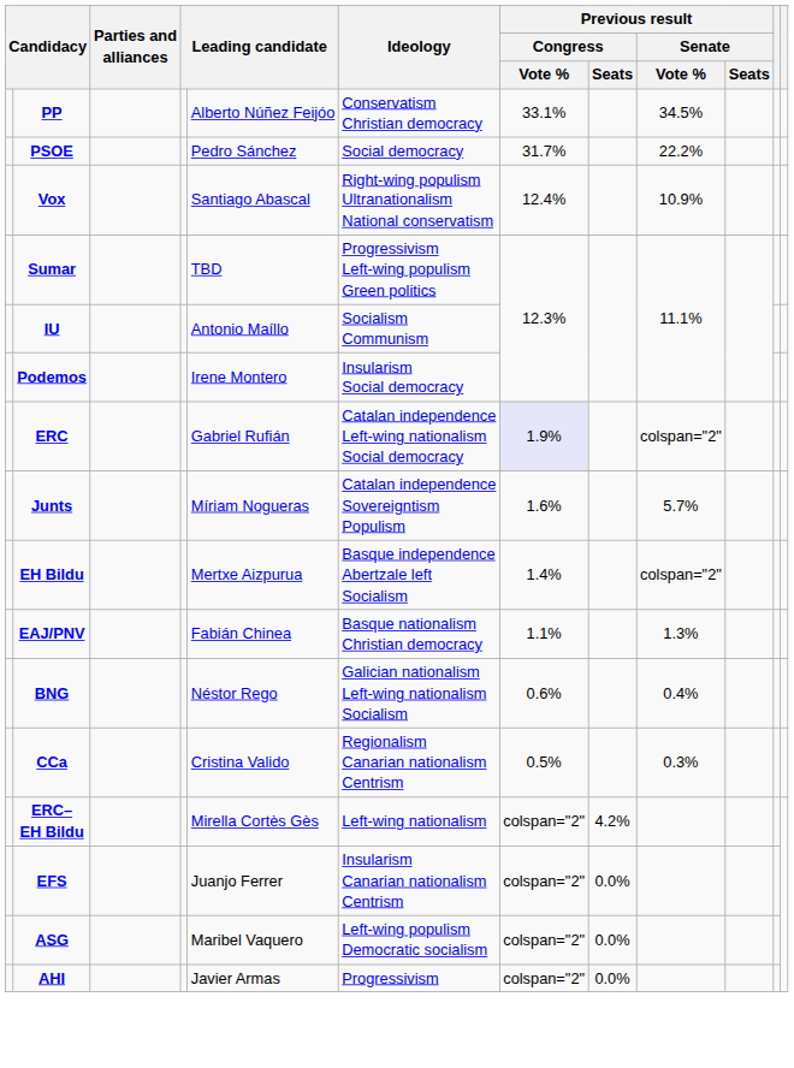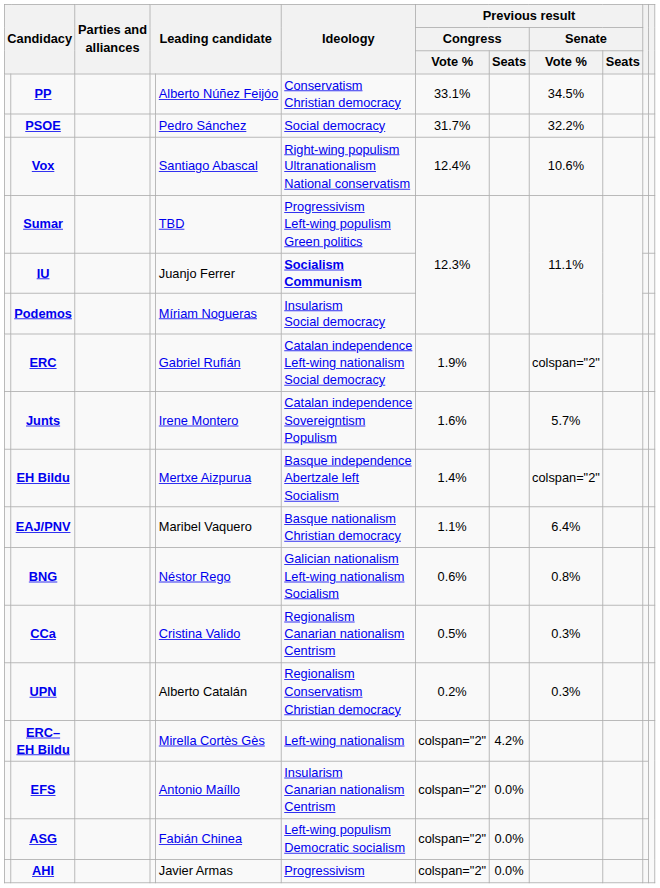 <table class="wikitable" style="line-height:1.35em; text-align:left;">
 <tr>
 <th colspan="2" rowspan="3">Candidacy</th>
 <th rowspan="3">Parties and<br>alliances</th>
 <th colspan="2" rowspan="3">Leading candidate</th>
 <th rowspan="3">Ideology</th>
 <th colspan="4">Previous result</th>
 <th rowspan="3"></th>
 <th rowspan="3"></th>
 </tr>
 <tr>
 <th colspan="2">Congress</th>
 <th colspan="2">Senate</th>
 </tr>
 <tr>
 <th>Vote %</th>
 <th>Seats</th>
 <th>Vote %</th>
 <th>Seats</th>
 </tr>
 <tr>
 <td width="1" style="color:inherit;background:"></td>
 <td align="center"><strong><a href='#'>PP</a></strong></td>
 <td></td>
 <td></td>
 <td><a href='#'>Alberto Núñez Feijóo</a></td>
 <td><a href='#'>Conservatism</a><br><a href='#'>Christian democracy</a></td>
 <td align="center">33.1%</td>
 <td></td>
 <td align="center">34.5%</td>
 <td></td>
 <td></td>
 <td></td>
 </tr>
 <tr>
 <td style="color:inherit;background:"></td>
 <td align="center"><strong><a href='#'>PSOE</a></strong></td>
 <td></td>
 <td></td>
 <td><a href='#'>Pedro Sánchez</a></td>
 <td><a href='#'>Social democracy</a></td>
 <td align="center">31.7%</td>
 <td></td>
-<td align="center">22.2%</td>
+<td align="center">32.2%</td>
 <td></td>
 <td></td>
 <td></td>
 </tr>
 <tr>
 <td style="color:inherit;background:"></td>
 <td align="center"><strong><a href='#'>Vox</a></strong></td>
 <td></td>
 <td></td>
 <td><a href='#'>Santiago Abascal</a></td>
 <td><a href='#'>Right-wing populism</a><br><a href='#'>Ultranationalism</a><br><a href='#'>National conservatism</a></td>
 <td align="center">12.4%</td>
 <td></td>
-<td align="center">10.9%</td>
+<td align="center">10.6%</td>
 <td></td>
 <td></td>
 <td></td>
 </tr>
 <tr>
 <td style="color:inherit;background:"></td>
 <td align="center"><strong><a href='#'>Sumar</a></strong></td>
 <td></td>
 <td></td>
 <td><a href='#'>TBD</a></td>
 <td><a href='#'>Progressivism</a><br><a href='#'>Left-wing populism</a><br><a href='#'>Green politics</a></td>
 <td rowspan="3" align="center">12.3%</td>
 <td rowspan="3"></td>
 <td rowspan="3" align="center">11.1%</td>
 <td rowspan="3"></td>
 <td></td>
 <td></td>
 </tr>
 <tr>
 <td style="color:inherit;background:"></td>
 <td align="center"><strong><a href='#'>IU</a></strong></td>
 <td></td>
 <td></td>
-<td><a href='#'>Antonio Maíllo</a></td>
-<td><a href='#'>Socialism</a><br><a href='#'>Communism</a></td>
+<td>Juanjo Ferrer</td>
+<td><strong><a href='#'>Socialism</a><br><a href='#'>Communism</a></strong></td>
 <td></td>
 <td></td>
 </tr>
 <tr>
 <td style="color:inherit;background:"></td>
 <td align="center"><strong><a href='#'>Podemos</a></strong></td>
 <td></td>
 <td></td>
-<td><a href='#'>Irene Montero</a></td>
+<td><a href='#'>Míriam Nogueras</a></td>
 <td><a href='#'>Insularism</a><br><a href='#'>Social democracy</a></td>
 <td></td>
 <td><br></td>
 </tr>
 <tr>
 <td style="color:inherit;background:"></td>
 <td align="center"><strong><a href='#'>ERC</a></strong></td>
 <td></td>
 <td></td>
 <td><a href='#'>Gabriel Rufián</a></td>
 <td><a href='#'>Catalan independence</a><br><a href='#'>Left-wing nationalism</a><br><a href='#'>Social democracy</a></td>
-<td align="center" style="background: lavender;">1.9%</td>
+<td align="center">1.9%</td>
 <td></td>
 <td>colspan="2" </td>
 <td></td>
 <td></td>
 </tr>
 <tr>
 <td style="color:inherit;background:"></td>
 <td align="center"><strong><a href='#'>Junts</a></strong></td>
 <td></td>
 <td></td>
-<td><a href='#'>Míriam Nogueras</a></td>
+<td><a href='#'>Irene Montero</a></td>
 <td><a href='#'>Catalan independence</a><br><a href='#'>Sovereigntism</a><br><a href='#'>Populism</a></td>
 <td align="center">1.6%</td>
 <td></td>
 <td align="center">5.7%</td>
 <td></td>
 <td></td>
 <td></td>
 </tr>
 <tr>
 <td style="color:inherit;background:"></td>
 <td align="center"><strong><a href='#'>EH Bildu</a></strong></td>
 <td></td>
 <td></td>
 <td><a href='#'>Mertxe Aizpurua</a></td>
 <td><a href='#'>Basque independence</a><br><a href='#'>Abertzale left</a><br><a href='#'>Socialism</a></td>
 <td align="center">1.4%</td>
 <td></td>
 <td>colspan="2" </td>
 <td></td>
 <td></td>
 </tr>
 <tr>
 <td style="color:inherit;background:"></td>
 <td align="center"><strong><a href='#'>EAJ/PNV</a></strong></td>
 <td></td>
 <td></td>
-<td><a href='#'>Fabián Chinea</a></td>
+<td>Maribel Vaquero</td>
 <td><a href='#'>Basque nationalism</a><br><a href='#'>Christian democracy</a></td>
 <td align="center">1.1%</td>
 <td></td>
-<td align="center">1.3%</td>
+<td align="center">6.4%</td>
 <td></td>
 <td></td>
 <td></td>
 </tr>
 <tr>
 <td style="color:inherit;background:"></td>
 <td align="center"><strong><a href='#'>BNG</a></strong></td>
 <td></td>
 <td></td>
 <td><a href='#'>Néstor Rego</a></td>
 <td><a href='#'>Galician nationalism</a><br><a href='#'>Left-wing nationalism</a><br><a href='#'>Socialism</a></td>
 <td align="center">0.6%</td>
 <td></td>
-<td align="center">0.4%</td>
+<td align="center">0.8%</td>
 <td></td>
 <td></td>
 <td></td>
 </tr>
 <tr>
 <td style="color:inherit;background:"></td>
 <td align="center"><strong><a href='#'>CCa</a></strong></td>
 <td></td>
 <td></td>
 <td><a href='#'>Cristina Valido</a></td>
 <td><a href='#'>Regionalism</a><br><a href='#'>Canarian nationalism</a><br><a href='#'>Centrism</a></td>
 <td align="center">0.5%</td>
+<td></td>
+<td align="center">0.3%</td>
+<td></td>
+<td></td>
+<td></td>
+</tr>
+<tr>
+<td style="color:inherit;background:"></td>
+<td align="center"><strong><a href='#'>UPN</a></strong></td>
+<td></td>
+<td></td>
+<td>Alberto Catalán</td>
+<td><a href='#'>Regionalism</a><br><a href='#'>Conservatism</a><br><a href='#'>Christian democracy</a></td>
+<td align="center">0.2%</td>
 <td></td>
 <td align="center">0.3%</td>
 <td></td>
 <td></td>
 <td></td>
 </tr>
 <tr>
 <td style="color:inherit;background:"></td>
 <td align="center"><strong><a href='#'>ERC–<br>EH Bildu</a></strong></td>
 <td></td>
 <td></td>
 <td><a href='#'>Mirella Cortès Gès</a></td>
 <td><a href='#'>Left-wing nationalism</a></td>
 <td>colspan="2" </td>
 <td align="center">4.2%</td>
 <td></td>
 <td></td>
 <td></td>
 </tr>
 <tr>
 <td style="color:inherit;background:"></td>
 <td align="center"><strong><a href='#'>EFS</a></strong></td>
 <td></td>
 <td></td>
-<td>Juanjo Ferrer</td>
+<td><a href='#'>Antonio Maíllo</a></td>
 <td><a href='#'>Insularism</a><br><a href='#'>Canarian nationalism</a><br><a href='#'>Centrism</a></td>
 <td>colspan="2" </td>
 <td align="center">0.0%</td>
 <td></td>
 <td></td>
 <td></td>
 </tr>
 <tr>
 <td style="color:inherit;background:"></td>
 <td align="center"><strong><a href='#'>ASG</a></strong></td>
 <td></td>
 <td></td>
-<td>Maribel Vaquero</td>
+<td><a href='#'>Fabián Chinea</a></td>
 <td><a href='#'>Left-wing populism</a><br><a href='#'>Democratic socialism</a></td>
 <td>colspan="2" </td>
 <td align="center">0.0%</td>
 <td></td>
 <td></td>
 <td></td>
 </tr>
 <tr>
 <td style="color:inherit;background:"></td>
 <td align="center"><strong><a href='#'>AHI</a></strong></td>
 <td></td>
 <td></td>
 <td>Javier Armas</td>
 <td><a href='#'>Progressivism</a></td>
 <td>colspan="2" </td>
 <td align="center">0.0%</td>
 <td></td>
 <td></td>
 <td></td>
 </tr>
 </table>
